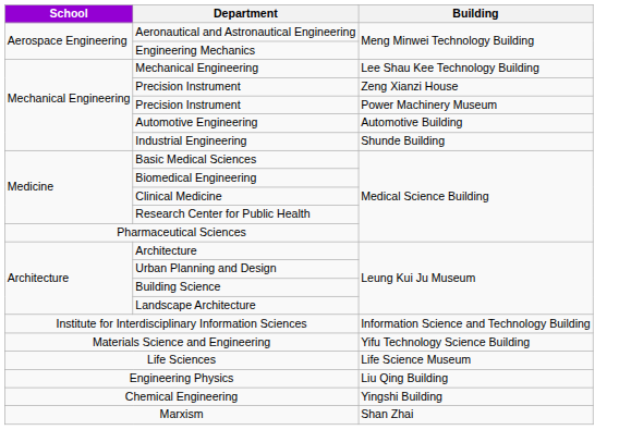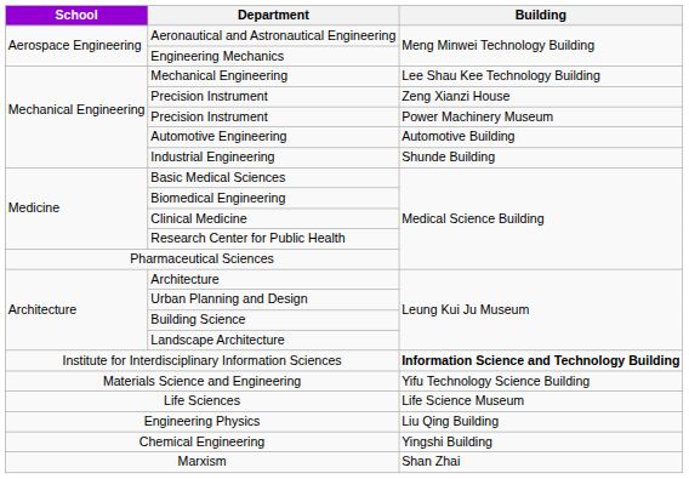 <table class="wikitable">
 <tr>
 <th style="background:#9400d3;color:white">School</th>
 <th>Department</th>
 <th>Building</th>
 </tr>
 <tr>
 <td rowspan="2">Aerospace Engineering<br></td>
 <td>Aeronautical and Astronautical Engineering</td>
 <td rowspan="2">Meng Minwei Technology Building</td>
 </tr>
 <tr>
 <td>Engineering Mechanics</td>
 </tr>
 <tr>
 <td rowspan="5">Mechanical Engineering<br><br></td>
 <td>Mechanical Engineering</td>
 <td>Lee Shau Kee Technology Building</td>
 </tr>
 <tr>
 <td>Precision Instrument</td>
 <td>Zeng Xianzi House</td>
 </tr>
 <tr>
 <td>Precision Instrument</td>
 <td>Power Machinery Museum</td>
 </tr>
 <tr>
 <td>Automotive Engineering</td>
 <td>Automotive Building</td>
 </tr>
 <tr>
 <td>Industrial Engineering</td>
 <td>Shunde Building</td>
 </tr>
 <tr>
 <td rowspan="4">Medicine</td>
 <td>Basic Medical Sciences</td>
 <td rowspan="5">Medical Science Building<br></td>
 </tr>
 <tr>
 <td>Biomedical Engineering</td>
 </tr>
 <tr>
 <td>Clinical Medicine</td>
 </tr>
 <tr>
 <td>Research Center for Public Health</td>
 </tr>
 <tr>
 <td colspan="2" style="text-align:center;">Pharmaceutical Sciences</td>
 </tr>
 <tr>
 <td rowspan="4">Architecture<br></td>
 <td>Architecture</td>
 <td rowspan="4">Leung Kui Ju Museum</td>
 </tr>
 <tr>
 <td>Urban Planning and Design</td>
 </tr>
 <tr>
 <td>Building Science</td>
 </tr>
 <tr>
 <td>Landscape Architecture</td>
 </tr>
 <tr>
 <td colspan="2" style="text-align:center;">Institute for Interdisciplinary Information Sciences</td>
-<td>Information Science and Technology Building</td>
+<td><strong>Information Science and Technology Building</strong></td>
 </tr>
 <tr>
 <td colspan="2" style="text-align:center;">Materials Science and Engineering</td>
 <td>Yifu Technology Science Building</td>
 </tr>
 <tr>
 <td colspan="2" style="text-align:center;">Life Sciences</td>
 <td>Life Science Museum</td>
 </tr>
 <tr>
 <td colspan="2" style="text-align:center;">Engineering Physics</td>
 <td>Liu Qing Building</td>
 </tr>
 <tr>
 <td colspan="2" style="text-align:center;">Chemical Engineering</td>
 <td>Yingshi Building</td>
 </tr>
 <tr>
 <td colspan="2" style="text-align:center;">Marxism</td>
 <td>Shan Zhai</td>
 </tr>
 </table>
